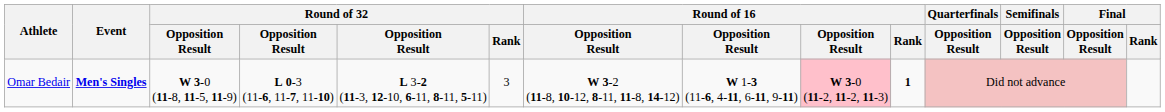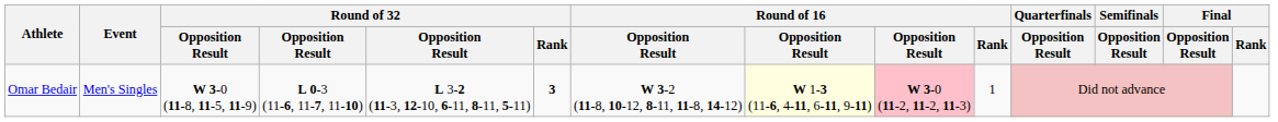 <table class="wikitable" border="1" style="font-size:90%">
 <tr>
 <th rowspan=2>Athlete</th>
 <th rowspan=2>Event</th>
 <th colspan=4>Round of 32</th>
 <th colspan=4>Round of 16</th>
 <th>Quarterfinals</th>
 <th>Semifinals</th>
 <th colspan=2>Final</th>
 </tr>
 <tr>
 <th>Opposition<br>Result</th>
 <th>Opposition<br>Result</th>
 <th>Opposition<br>Result</th>
 <th>Rank</th>
 <th>Opposition<br>Result</th>
 <th>Opposition<br>Result</th>
 <th>Opposition<br>Result</th>
 <th>Rank</th>
 <th>Opposition<br>Result</th>
 <th>Opposition<br>Result</th>
 <th>Opposition<br>Result</th>
 <th>Rank</th>
 </tr>
 <tr>
 <td><a href='#'>Omar Bedair</a></td>
-<td><strong><a href='#'>Men's Singles</a></strong></td>
+<td><a href='#'>Men's Singles</a></td>
 <td align=center> <br> <strong>W</strong> <strong>3</strong>-0 <br> (<strong>11</strong>-8, <strong>11</strong>-5, <strong>11</strong>-9)</td>
 <td align=center> <br> <strong>L</strong> <strong>0</strong>-3 <br> (11-<strong>6</strong>, 11-<strong>7</strong>, 11-<strong>10</strong>)</td>
 <td align=center> <br> <strong>L</strong> 3-<strong>2</strong> <br> (<strong>11</strong>-3, <strong>12</strong>-10, <strong>6</strong>-11, <strong>8</strong>-11, <strong>5</strong>-11)</td>
-<td align=center>3</td>
+<td align=center><strong>3</strong></td>
 <td align=center> <br> <strong>W</strong> <strong>3</strong>-2 <br> (<strong>11</strong>-8, <strong>10</strong>-12, <strong>8</strong>-11, <strong>11</strong>-8, <strong>14</strong>-12)</td>
-<td align=center> <br> <strong>W</strong> 1-<strong>3</strong> <br> (11-<strong>6</strong>, 4-<strong>11</strong>, 6-<strong>11</strong>, 9-<strong>11</strong>)</td>
+<td align=center style="background: lightyellow;"> <br> <strong>W</strong> 1-<strong>3</strong> <br> (11-<strong>6</strong>, 4-<strong>11</strong>, 6-<strong>11</strong>, 9-<strong>11</strong>)</td>
 <td align=center style="background: pink;"> <br> <strong>W</strong> <strong>3</strong>-0 <br> (<strong>11</strong>-2, <strong>11</strong>-2, <strong>11</strong>-3)</td>
-<td align=center><strong>1</strong></td>
+<td align=center>1</td>
 <td bgcolor="f4c2c2"  colspan=3 align=center>Did not advance</td>
 <td align=center></td>
 </tr>
 </table>
